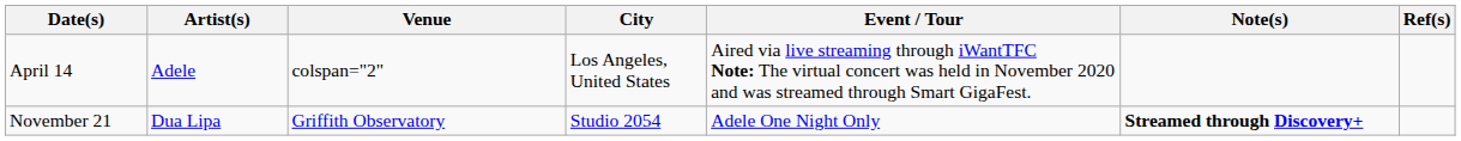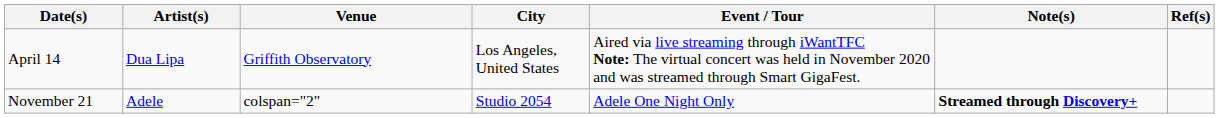 <table class="wikitable sortable" style="font-size: 100%; width=100%;" style="text-align:center;">
 <tr>
 <th class="unsortable" style="width: 10%;" scope="col">Date(s)</th>
 <th style="width: 10%;" scope="col">Artist(s)</th>
 <th style="width: 20%;" scope="col">Venue</th>
 <th style="width: 10%;" scope="col">City</th>
 <th style="width: 30%;" scope="col">Event / Tour</th>
 <th style="width: 30%;" scope="col">Note(s)</th>
 <th style="width: 1%;" scope="col">Ref(s)</th>
 </tr>
 <tr>
 <td>April 14</td>
-<td><a href='#'>Adele</a></td>
-<td>colspan="2" </td>
+<td><a href='#'>Dua Lipa</a></td>
+<td><a href='#'>Griffith Observatory</a></td>
 <td>Los Angeles, United States</td>
 <td>Aired via <a href='#'>live streaming</a> through <a href='#'>iWantTFC</a><br><strong>Note:</strong> The virtual concert was held in November 2020 and was streamed through Smart GigaFest.</td>
 <td></td>
 </tr>
 <tr>
 <td>November 21</td>
-<td><a href='#'>Dua Lipa</a></td>
-<td><a href='#'>Griffith Observatory</a></td>
+<td><a href='#'>Adele</a></td>
+<td>colspan="2" </td>
 <td><a href='#'>Studio 2054</a></td>
 <td><a href='#'>Adele One Night Only</a></td>
 <td><strong>Streamed through <a href='#'>Discovery+</a></strong></td>
 <td></td>
 </tr>
 </table>
